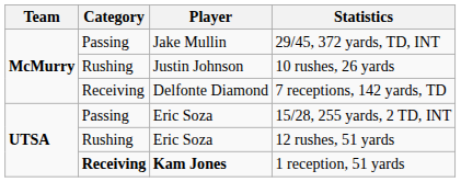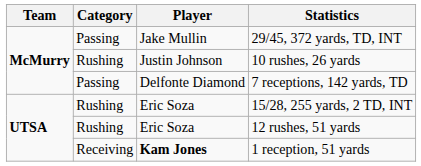 <table class="wikitable" style="float: right;">
 <tr>
 <th>Team</th>
 <th>Category</th>
 <th>Player</th>
 <th>Statistics</th>
 </tr>
 <tr>
 <td rowspan=3><strong>McMurry</strong></td>
 <td>Passing</td>
 <td>Jake Mullin</td>
 <td>29/45, 372 yards, TD, INT</td>
 </tr>
 <tr>
 <td>Rushing</td>
 <td>Justin Johnson</td>
 <td>10 rushes, 26 yards</td>
 </tr>
 <tr>
-<td>Receiving</td>
+<td>Passing</td>
 <td>Delfonte Diamond</td>
 <td>7 receptions, 142 yards, TD</td>
 </tr>
 <tr>
 <td rowspan=3><strong>UTSA</strong></td>
-<td>Passing</td>
+<td>Rushing</td>
 <td>Eric Soza</td>
 <td>15/28, 255 yards, 2 TD, INT</td>
 </tr>
 <tr>
 <td>Rushing</td>
 <td>Eric Soza</td>
 <td>12 rushes, 51 yards</td>
 </tr>
 <tr>
-<td><strong>Receiving</strong></td>
+<td>Receiving</td>
 <td><strong>Kam Jones</strong></td>
 <td>1 reception, 51 yards</td>
 </tr>
 </table>
